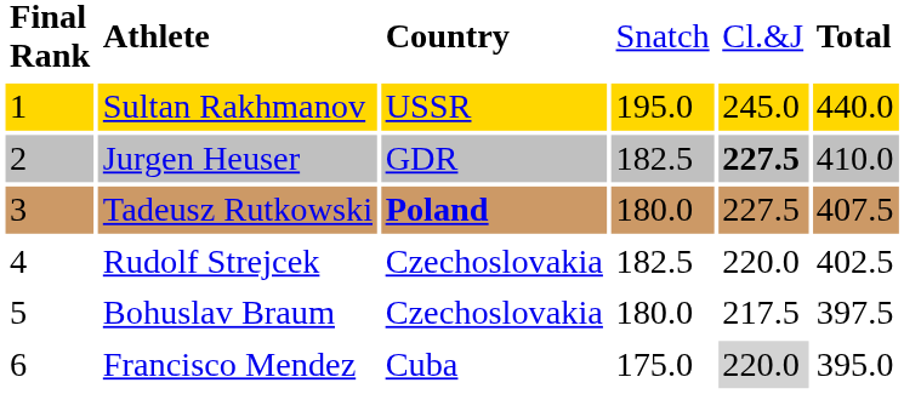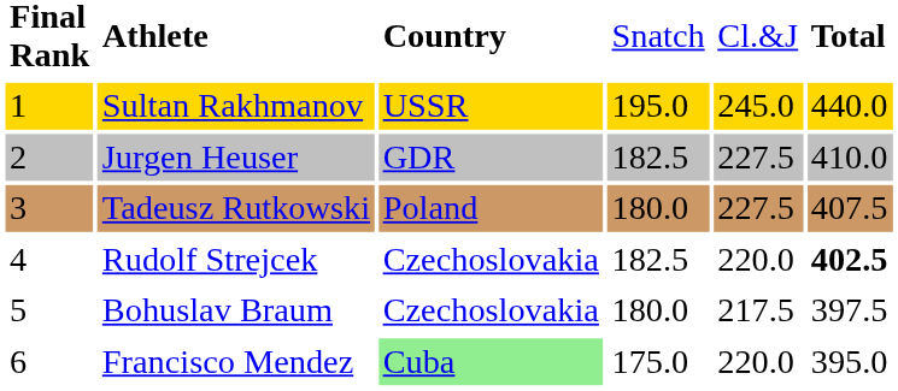 <table border="0" Cellpadding="2">
 <tr>
 <td><strong>Final <br> Rank</strong></td>
 <td><strong>Athlete</strong></td>
 <td><strong>Country</strong></td>
 <td><a href='#'>Snatch</a></td>
 <td><a href='#'>Cl.&J</a></td>
 <td><strong>Total</strong></td>
 </tr>
 <tr bgcolor="gold">
 <td>1</td>
 <td><a href='#'>Sultan Rakhmanov</a></td>
 <td><a href='#'>USSR</a></td>
 <td>195.0</td>
 <td>245.0</td>
 <td>440.0</td>
 </tr>
 <tr bgcolor="silver">
 <td>2</td>
 <td><a href='#'>Jurgen Heuser</a></td>
 <td><a href='#'>GDR</a></td>
 <td>182.5</td>
-<td><strong>227.5</strong></td>
+<td>227.5</td>
 <td>410.0</td>
 </tr>
 <tr bgcolor="cc9966">
 <td>3</td>
 <td><a href='#'>Tadeusz Rutkowski</a></td>
-<td><strong><a href='#'>Poland</a></strong></td>
+<td><a href='#'>Poland</a></td>
 <td>180.0</td>
 <td>227.5</td>
 <td>407.5</td>
 </tr>
 <tr>
 <td>4</td>
 <td><a href='#'>Rudolf Strejcek</a></td>
 <td><a href='#'>Czechoslovakia</a></td>
 <td>182.5</td>
 <td>220.0</td>
-<td>402.5</td>
+<td><strong>402.5</strong></td>
 </tr>
 <tr>
 <td>5</td>
 <td><a href='#'>Bohuslav Braum</a></td>
 <td><a href='#'>Czechoslovakia</a></td>
 <td>180.0</td>
 <td>217.5</td>
 <td>397.5</td>
 </tr>
 <tr>
 <td>6</td>
 <td><a href='#'>Francisco Mendez</a></td>
-<td><a href='#'>Cuba</a></td>
+<td style="background: lightgreen;"><a href='#'>Cuba</a></td>
 <td>175.0</td>
-<td style="background: lightgrey;">220.0</td>
+<td>220.0</td>
 <td>395.0</td>
 </tr>
 </table>
